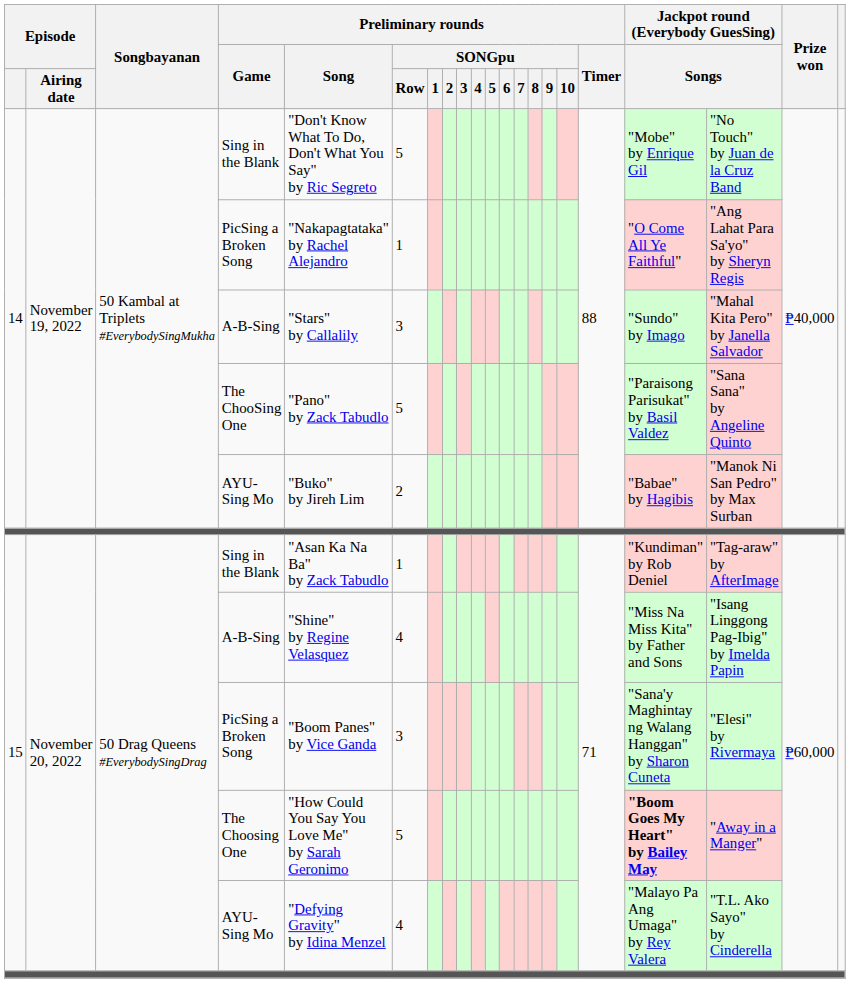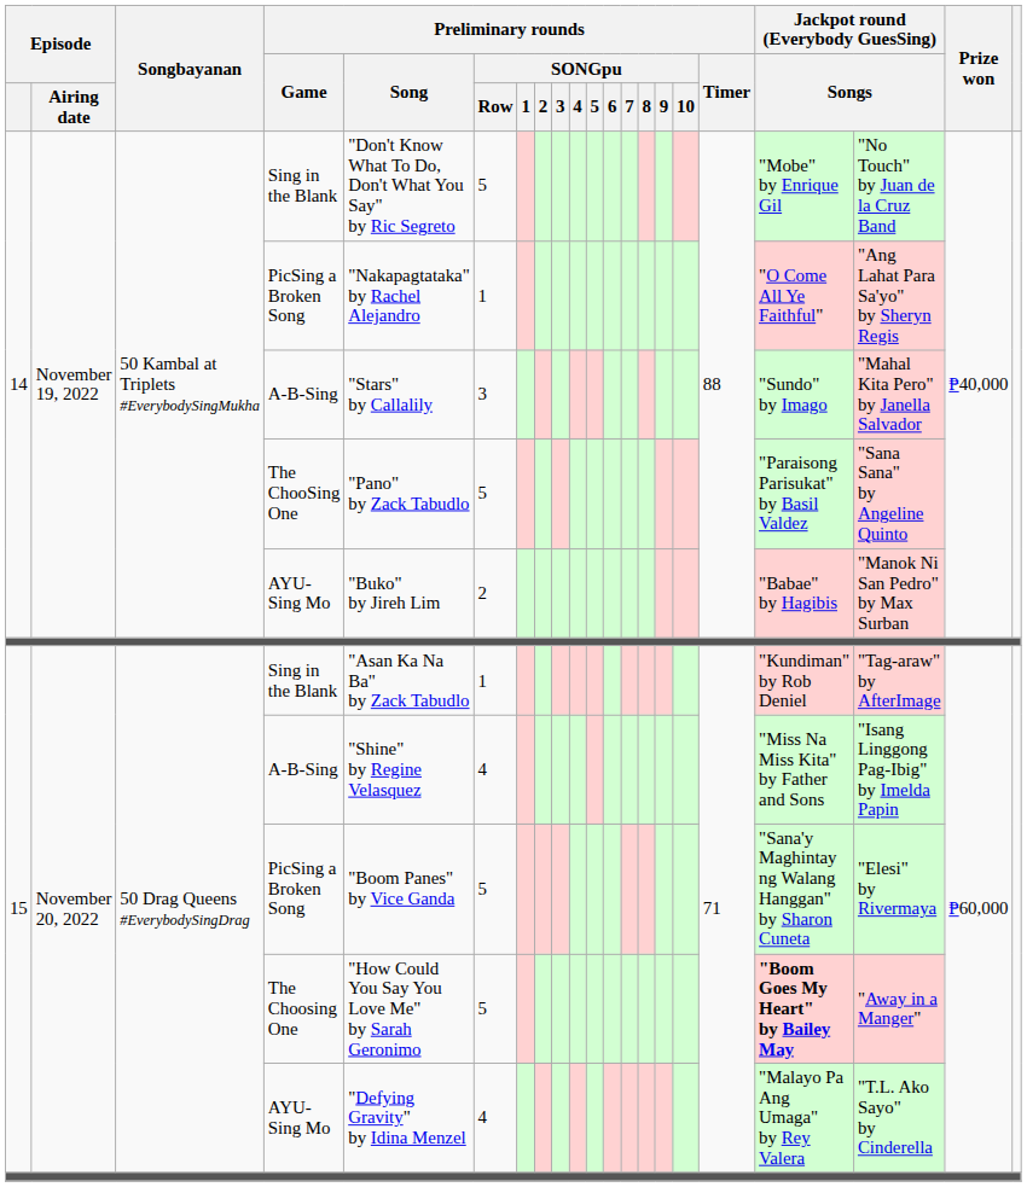 <table class="wikitable plainrowheaders mw-collapsible ">
 <tr>
 <th colspan="2" rowspan="2">Episode</th>
 <th rowspan="3">Songbayanan</th>
 <th colspan="14">Preliminary rounds</th>
 <th colspan="2">Jackpot round<br>(Everybody GuesSing)</th>
 <th rowspan="3">Prize won</th>
 <th rowspan="3"></th>
 </tr>
 <tr>
 <th rowspan="2">Game</th>
 <th rowspan="2">Song</th>
 <th colspan="11">SONGpu</th>
 <th rowspan="2">Timer</th>
 <th colspan="2" rowspan="2">Songs</th>
 </tr>
 <tr>
 <th></th>
 <th>Airing date</th>
 <th>Row</th>
 <th>1</th>
 <th>2</th>
 <th>3</th>
 <th>4</th>
 <th>5</th>
 <th>6</th>
 <th>7</th>
 <th>8</th>
 <th>9</th>
 <th>10</th>
 </tr>
 <tr>
 <td rowspan="5">14</td>
 <td rowspan="5">November 19, 2022</td>
 <td rowspan="5">50 Kambal at Triplets<br><small><em>#EverybodySingMukha</em></small></td>
 <td>Sing in the Blank</td>
 <td>"Don't Know What To Do, Don't What You Say"<br>by <a href='#'>Ric Segreto</a></td>
 <td>5</td>
 <td style="background:#FFD2D2"></td>
 <td style="background:#D2FFD2"></td>
 <td style="background:#D2FFD2"></td>
 <td style="background:#D2FFD2"></td>
 <td style="background:#D2FFD2"></td>
 <td style="background:#D2FFD2"></td>
 <td style="background:#D2FFD2"></td>
 <td style="background:#FFD2D2"></td>
 <td style="background:#D2FFD2"></td>
 <td style="background:#FFD2D2"></td>
 <td rowspan="5">88 </td>
 <td style="background:#D2FFD2">"Mobe"<br>by <a href='#'>Enrique Gil</a></td>
 <td style="background:#D2FFD2">"No Touch"<br>by <a href='#'>Juan de la Cruz Band</a></td>
 <td rowspan="5"><a href='#'>₱</a>40,000</td>
 <td rowspan="5"></td>
 </tr>
 <tr>
 <td>PicSing a Broken Song</td>
 <td>"Nakapagtataka"<br>by <a href='#'>Rachel Alejandro</a></td>
 <td>1</td>
 <td style="background:#FFD2D2"></td>
 <td style="background:#D2FFD2"></td>
 <td style="background:#D2FFD2"></td>
 <td style="background:#D2FFD2"></td>
 <td style="background:#D2FFD2"></td>
 <td style="background:#D2FFD2"></td>
 <td style="background:#D2FFD2"></td>
 <td style="background:#D2FFD2"></td>
 <td style="background:#D2FFD2"></td>
 <td style="background:#D2FFD2"></td>
 <td style="background:#FFD2D2">"<a href='#'>O Come All Ye Faithful</a>"</td>
 <td style="background:#FFD2D2">"Ang Lahat Para Sa'yo"<br>by <a href='#'>Sheryn Regis</a></td>
 </tr>
 <tr>
 <td>A-B-Sing</td>
 <td>"Stars"<br>by <a href='#'>Callalily</a></td>
 <td>3</td>
 <td style="background:#D2FFD2"></td>
 <td style="background:#FFD2D2"></td>
 <td style="background:#D2FFD2"></td>
 <td style="background:#FFD2D2"></td>
 <td style="background:#FFD2D2"></td>
 <td style="background:#D2FFD2"></td>
 <td style="background:#D2FFD2"></td>
 <td style="background:#FFD2D2"></td>
 <td style="background:#D2FFD2"></td>
 <td style="background:#D2FFD2"></td>
 <td style="background:#D2FFD2">"Sundo"<br>by <a href='#'>Imago</a></td>
 <td style="background:#FFD2D2">"Mahal Kita Pero"<br>by <a href='#'>Janella Salvador</a></td>
 </tr>
 <tr>
 <td>The ChooSing One</td>
 <td>"Pano"<br>by <a href='#'>Zack Tabudlo</a></td>
 <td>5</td>
 <td style="background:#FFD2D2"></td>
 <td style="background:#D2FFD2"></td>
 <td style="background:#FFD2D2"></td>
 <td style="background:#D2FFD2"></td>
 <td style="background:#D2FFD2"></td>
 <td style="background:#D2FFD2"></td>
 <td style="background:#D2FFD2"></td>
 <td style="background:#D2FFD2"></td>
 <td style="background:#FFD2D2"></td>
 <td style="background:#FFD2D2"></td>
 <td style="background:#D2FFD2">"Paraisong Parisukat"<br>by <a href='#'>Basil Valdez</a></td>
 <td style="background:#FFD2D2">"Sana Sana"<br>by <a href='#'>Angeline Quinto</a></td>
 </tr>
 <tr>
 <td>AYU-Sing Mo</td>
 <td>"Buko"<br>by Jireh Lim</td>
 <td>2</td>
 <td style="background:#D2FFD2"></td>
 <td style="background:#D2FFD2"></td>
 <td style="background:#D2FFD2"></td>
 <td style="background:#D2FFD2"></td>
 <td style="background:#D2FFD2"></td>
 <td style="background:#D2FFD2"></td>
 <td style="background:#D2FFD2"></td>
 <td style="background:#D2FFD2"></td>
 <td style="background:#FFD2D2"></td>
 <td style="background:#FFD2D2"></td>
 <td style="background:#FFD2D2">"Babae"<br>by <a href='#'>Hagibis</a></td>
 <td style="background:#FFD2D2">"Manok Ni San Pedro"<br>by Max Surban</td>
 </tr>
 <tr>
 <th colspan="21" style="background:#555;"></th>
 </tr>
 <tr>
 <td rowspan="5">15</td>
 <td rowspan="5">November 20, 2022</td>
 <td rowspan="5">50 Drag Queens<br><small><em>#EverybodySingDrag</em></small></td>
 <td>Sing in the Blank</td>
 <td>"Asan Ka Na Ba"<br>by <a href='#'>Zack Tabudlo</a></td>
 <td>1</td>
 <td style="background:#FFD2D2"></td>
 <td style="background:#D2FFD2"></td>
 <td style="background:#FFD2D2"></td>
 <td style="background:#FFD2D2"></td>
 <td style="background:#FFD2D2"></td>
 <td style="background:#D2FFD2"></td>
 <td style="background:#FFD2D2"></td>
 <td style="background:#FFD2D2"></td>
 <td style="background:#FFD2D2"></td>
 <td style="background:#D2FFD2"></td>
 <td rowspan="5">71 </td>
 <td style="background:#FFD2D2">"Kundiman"<br>by Rob Deniel</td>
 <td style="background:#FFD2D2">"Tag-araw"<br>by <a href='#'>AfterImage</a></td>
 <td rowspan="5"><a href='#'>₱</a>60,000</td>
 <td rowspan="5"></td>
 </tr>
 <tr>
 <td>A-B-Sing</td>
 <td>"Shine"<br>by <a href='#'>Regine Velasquez</a></td>
 <td>4</td>
 <td style="background:#FFD2D2"></td>
 <td style="background:#D2FFD2"></td>
 <td style="background:#D2FFD2"></td>
 <td style="background:#D2FFD2"></td>
 <td style="background:#FFD2D2"></td>
 <td style="background:#D2FFD2"></td>
 <td style="background:#D2FFD2"></td>
 <td style="background:#D2FFD2"></td>
 <td style="background:#D2FFD2"></td>
 <td style="background:#D2FFD2"></td>
 <td style="background:#D2FFD2">"Miss Na Miss Kita"<br>by Father and Sons</td>
 <td style="background:#D2FFD2">"Isang Linggong Pag-Ibig"<br>by <a href='#'>Imelda Papin</a></td>
 </tr>
 <tr>
 <td>PicSing a Broken Song</td>
 <td>"Boom Panes"<br>by <a href='#'>Vice Ganda</a></td>
-<td>3</td>
+<td>5</td>
 <td style="background:#FFD2D2"></td>
 <td style="background:#FFD2D2"></td>
 <td style="background:#FFD2D2"></td>
 <td style="background:#D2FFD2"></td>
 <td style="background:#D2FFD2"></td>
 <td style="background:#D2FFD2"></td>
 <td style="background:#FFD2D2"></td>
 <td style="background:#FFD2D2"></td>
 <td style="background:#D2FFD2"></td>
 <td style="background:#D2FFD2"></td>
 <td style="background:#D2FFD2">"Sana'y Maghintay ng Walang Hanggan"<br>by <a href='#'>Sharon Cuneta</a></td>
 <td style="background:#D2FFD2">"Elesi"<br>by <a href='#'>Rivermaya</a></td>
 </tr>
 <tr>
 <td>The Choosing One</td>
 <td>"How Could You Say You Love Me"<br>by <a href='#'>Sarah Geronimo</a></td>
 <td>5</td>
 <td style="background:#FFD2D2"></td>
 <td style="background:#D2FFD2"></td>
 <td style="background:#D2FFD2"></td>
 <td style="background:#D2FFD2"></td>
 <td style="background:#D2FFD2"></td>
 <td style="background:#D2FFD2"></td>
 <td style="background:#D2FFD2"></td>
 <td style="background:#D2FFD2"></td>
 <td style="background:#D2FFD2"></td>
 <td style="background:#D2FFD2"></td>
 <td style="background:#FFD2D2"><strong>"Boom Goes My Heart"<br>by <a href='#'>Bailey May</a></strong></td>
 <td style="background:#FFD2D2">"<a href='#'>Away in a Manger</a>"</td>
 </tr>
 <tr>
 <td>AYU-Sing Mo</td>
 <td>"<a href='#'>Defying Gravity</a>"<br>by <a href='#'>Idina Menzel</a></td>
 <td>4</td>
 <td style="background:#D2FFD2"></td>
 <td style="background:#FFD2D2"></td>
 <td style="background:#D2FFD2"></td>
 <td style="background:#FFD2D2"></td>
 <td style="background:#D2FFD2"></td>
 <td style="background:#FFD2D2"></td>
 <td style="background:#FFD2D2"></td>
 <td style="background:#FFD2D2"></td>
 <td style="background:#FFD2D2"></td>
 <td style="background:#D2FFD2"></td>
 <td style="background:#D2FFD2">"Malayo Pa Ang Umaga"<br>by <a href='#'>Rey Valera</a></td>
 <td style="background:#D2FFD2">"T.L. Ako Sayo"<br>by <a href='#'>Cinderella</a></td>
 </tr>
 <tr>
 <th colspan="21" style="background:#555;"></th>
 </tr>
 <tr>
 </tr>
 </table>
